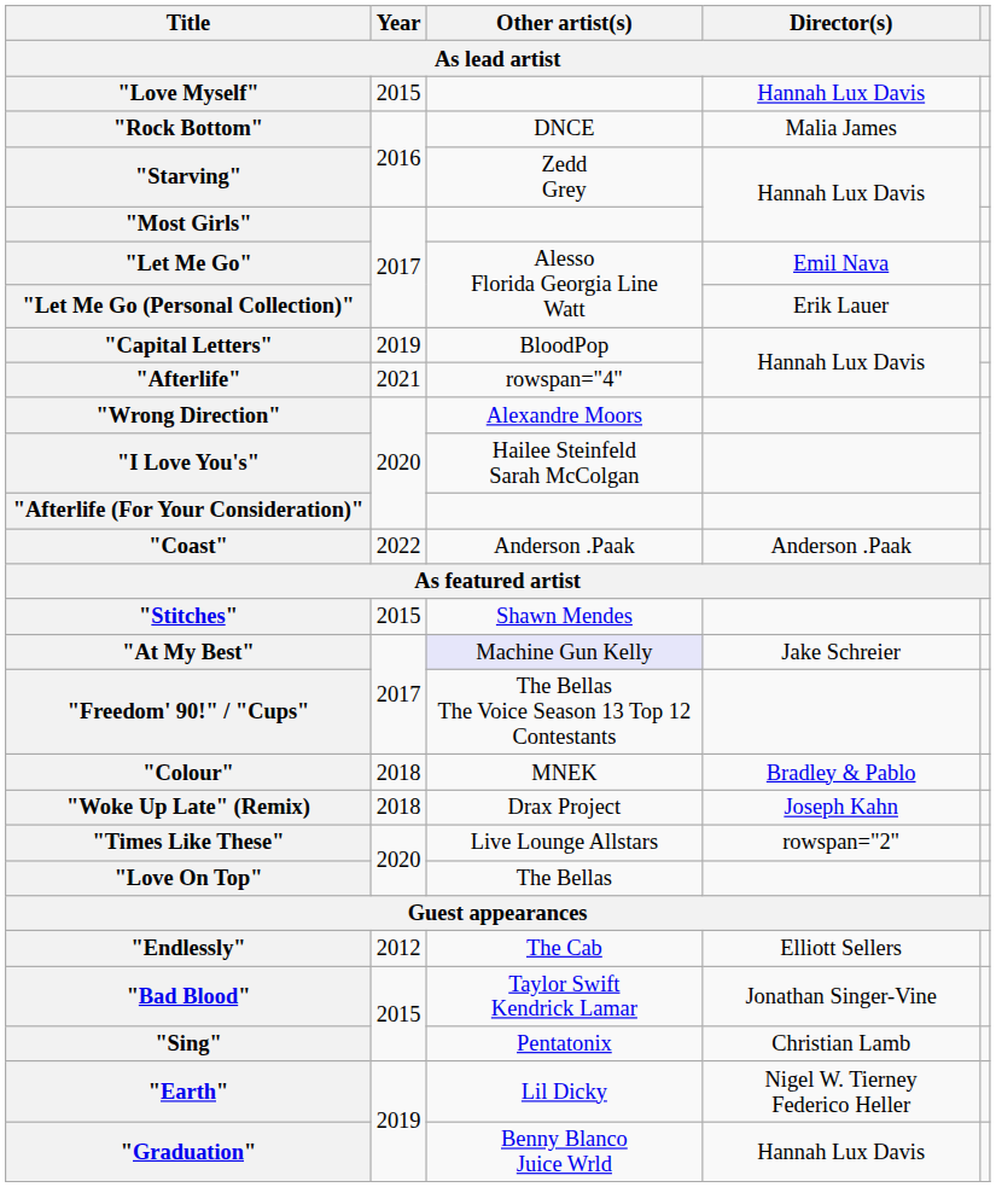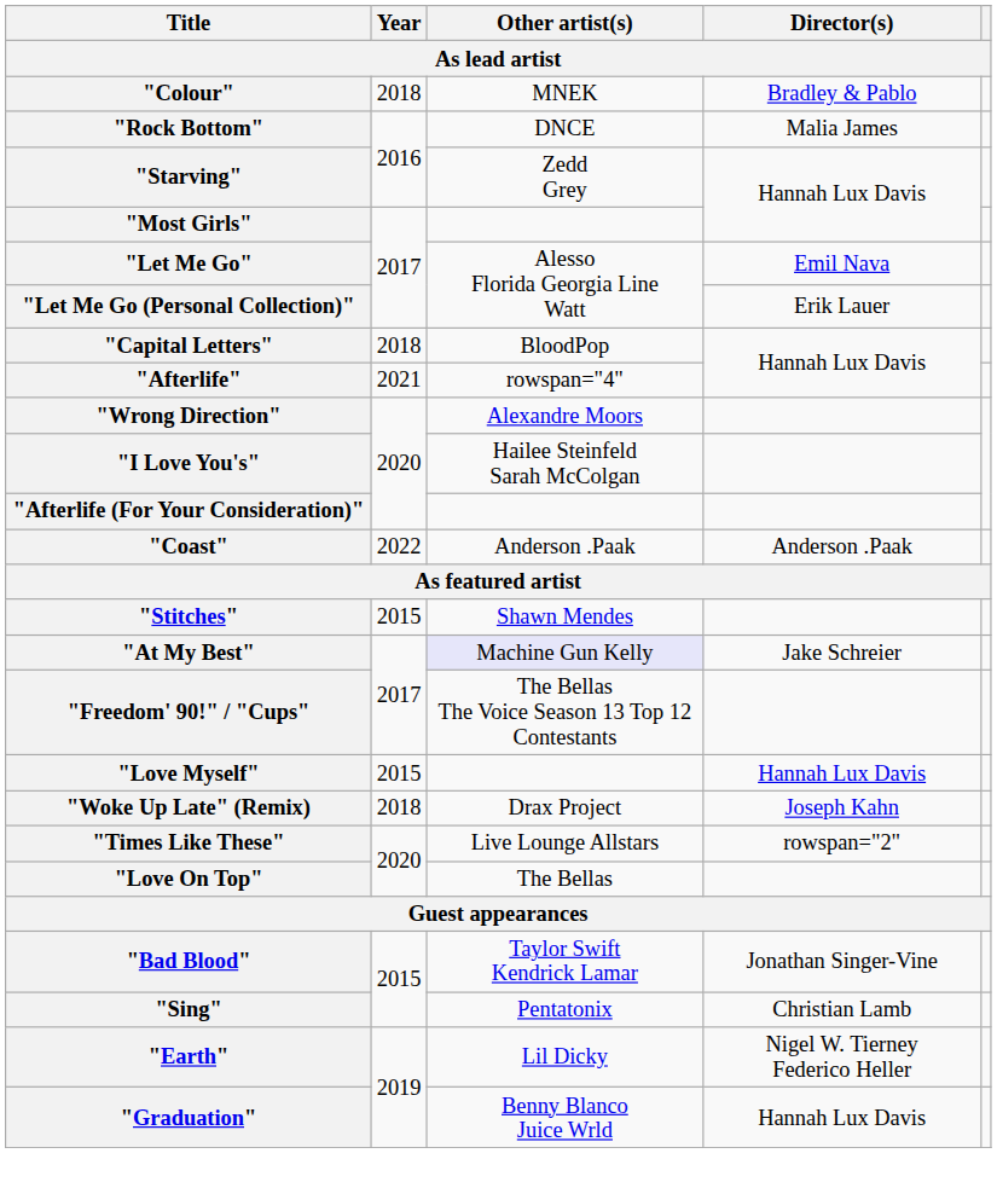 <table class="wikitable plainrowheaders" style="text-align:center;">
 <tr>
 <th scope="col" style="width:16em;">Title</th>
 <th scope="col">Year</th>
 <th scope="col" style="width:12em;">Other artist(s)</th>
 <th scope="col" style="width:12em;">Director(s)</th>
 <th scope="col"></th>
 </tr>
 <tr>
 <th scope="col" colspan="5">As lead artist</th>
 </tr>
 <tr>
-<th scope="row">"Love Myself"</th>
-<td>2015</td>
-<td></td>
-<td><a href='#'>Hannah Lux Davis</a></td>
+<th scope="row">"Colour"</th>
+<td>2018</td>
+<td>MNEK</td>
+<td><a href='#'>Bradley & Pablo</a></td>
 <td></td>
 </tr>
 <tr>
 <th scope="row">"Rock Bottom"</th>
 <td rowspan="2">2016</td>
 <td>DNCE</td>
 <td>Malia James</td>
 <td></td>
 </tr>
 <tr>
 <th scope="row">"Starving"</th>
 <td>Zedd<br>Grey</td>
 <td rowspan="2">Hannah Lux Davis</td>
 <td></td>
 </tr>
 <tr>
 <th scope="row">"Most Girls"</th>
 <td rowspan="3">2017</td>
 <td></td>
 <td></td>
 </tr>
 <tr>
 <th scope="row">"Let Me Go"</th>
 <td rowspan="2">Alesso<br>Florida Georgia Line<br>Watt</td>
 <td><a href='#'>Emil Nava</a></td>
 <td></td>
 </tr>
 <tr>
 <th scope="row">"Let Me Go (Personal Collection)"</th>
 <td>Erik Lauer</td>
 <td></td>
 </tr>
 <tr>
 <th scope="row">"Capital Letters"</th>
-<td>2019</td>
+<td>2018</td>
 <td>BloodPop</td>
 <td rowspan="2">Hannah Lux Davis</td>
 <td></td>
 </tr>
 <tr>
 <th scope="row">"Afterlife"</th>
 <td>2021</td>
 <td>rowspan="4" </td>
 <td></td>
 </tr>
 <tr>
 <th scope="row">"Wrong Direction"</th>
 <td rowspan="3">2020</td>
 <td><a href='#'>Alexandre Moors</a></td>
 <td></td>
 </tr>
 <tr>
 <th scope="row">"I Love You's"</th>
 <td>Hailee Steinfeld<br>Sarah McColgan</td>
 <td></td>
 </tr>
 <tr>
 <th scope="row">"Afterlife (For Your Consideration)"</th>
 <td></td>
 <td></td>
 </tr>
 <tr>
 <th scope="row">"Coast"</th>
 <td>2022</td>
 <td>Anderson .Paak</td>
 <td>Anderson .Paak</td>
 <td></td>
 </tr>
 <tr>
 <th scope="col" colspan="5">As featured artist</th>
 </tr>
 <tr>
 <th scope="row">"<a href='#'>Stitches</a>"</th>
 <td>2015</td>
 <td><a href='#'>Shawn Mendes</a></td>
 <td></td>
 <td></td>
 </tr>
 <tr>
 <th scope="row">"At My Best"</th>
 <td rowspan="2">2017</td>
 <td style="background: lavender;">Machine Gun Kelly</td>
 <td>Jake Schreier</td>
 <td></td>
 </tr>
 <tr>
 <th scope="row">"Freedom' 90!" / "Cups"</th>
 <td>The Bellas <br> The Voice Season 13 Top 12 Contestants</td>
 <td></td>
 <td></td>
 </tr>
 <tr>
-<th scope="row">"Colour"</th>
-<td>2018</td>
-<td>MNEK</td>
-<td><a href='#'>Bradley & Pablo</a></td>
+<th scope="row">"Love Myself"</th>
+<td>2015</td>
+<td></td>
+<td><a href='#'>Hannah Lux Davis</a></td>
 <td></td>
 </tr>
 <tr>
 <th scope="row">"Woke Up Late" (Remix)</th>
 <td>2018</td>
 <td>Drax Project</td>
 <td><a href='#'>Joseph Kahn</a></td>
 <td></td>
 </tr>
 <tr>
 <th scope="row">"Times Like These"</th>
 <td rowspan="2">2020</td>
 <td>Live Lounge Allstars</td>
 <td>rowspan="2" </td>
 <td></td>
 </tr>
 <tr>
 <th scope="row">"Love On Top"</th>
 <td>The Bellas</td>
 <td></td>
 </tr>
 <tr>
 <th scope="col" colspan="5">Guest appearances</th>
-</tr>
-<tr>
-<th scope="row">"Endlessly"</th>
-<td>2012</td>
-<td><a href='#'>The Cab</a></td>
-<td>Elliott Sellers</td>
-<td></td>
 </tr>
 <tr>
 <th scope="row">"<a href='#'>Bad Blood</a>"</th>
 <td rowspan="2">2015</td>
 <td><a href='#'>Taylor Swift</a> <br> <a href='#'>Kendrick Lamar</a></td>
 <td>Jonathan Singer-Vine</td>
 <td></td>
 </tr>
 <tr>
 <th scope="row">"Sing"</th>
 <td><a href='#'>Pentatonix</a></td>
 <td>Christian Lamb</td>
 <td></td>
 </tr>
 <tr>
 <th scope="row">"<a href='#'>Earth</a>"</th>
 <td rowspan="2">2019</td>
 <td><a href='#'>Lil Dicky</a></td>
 <td>Nigel W. Tierney <br> Federico Heller</td>
 <td></td>
 </tr>
 <tr>
 <th scope="row">"<a href='#'>Graduation</a>"</th>
 <td><a href='#'>Benny Blanco</a> <br> <a href='#'>Juice Wrld</a></td>
 <td>Hannah Lux Davis</td>
 <td></td>
 </tr>
 <tr>
 </tr>
 </table>
